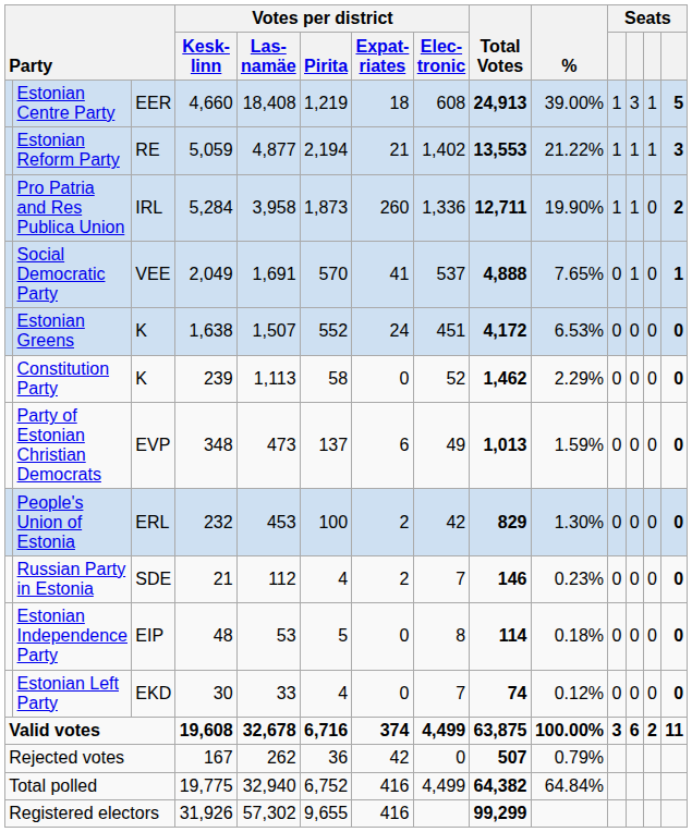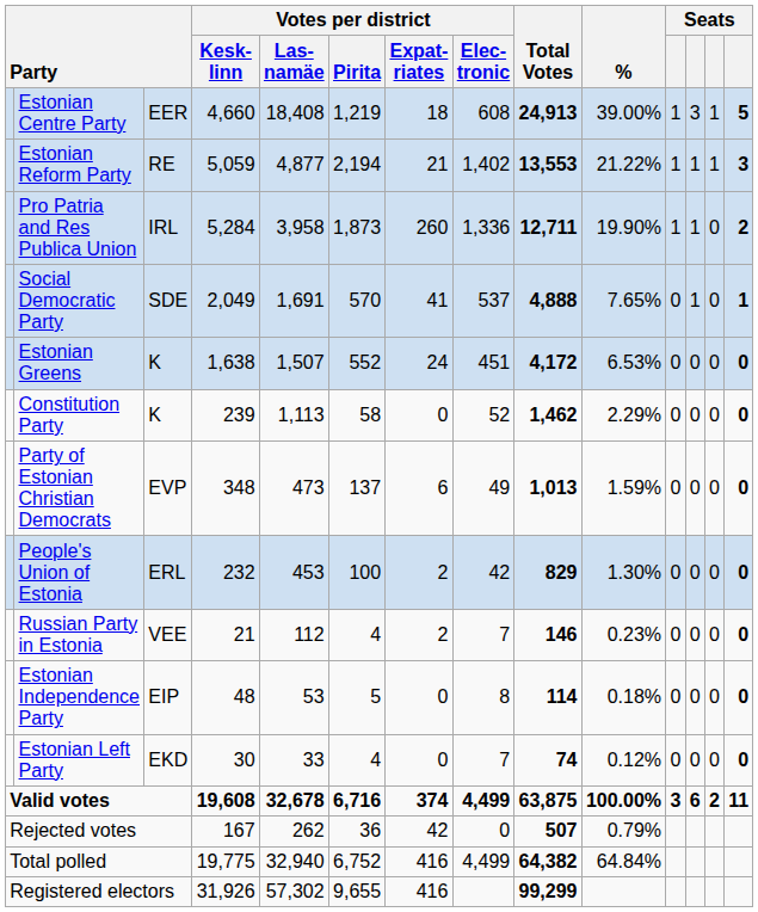 <table class="wikitable" border="1" style="text-align:right;">
 <tr>
 <th style="text-align:left;" valign=bottom rowspan=2 colspan=3>Party</th>
 <th colspan=5>Votes per district</th>
 <th align=center valign=bottom rowspan=2 width="50">Total Votes</th>
 <th align=center valign=bottom rowspan=2 width="50">%</th>
 <th colspan=4>Seats</th>
 </tr>
 <tr>
 <th align=center valign=bottom width="50"><a href='#'>Kesk- linn</a></th>
 <th align=center valign=bottom width="50"><a href='#'>Las- namäe</a></th>
 <th align=center valign=bottom width="50"><a href='#'>Pirita</a></th>
 <th align=center valign=bottom width="50"><a href='#'>Expat- riates</a></th>
 <th align=center valign=bottom width="50"><a href='#'>Elec- tronic</a></th>
 <th align=center valign=bottom width="20"><small></small></th>
 <th align=center valign=bottom width="20"><small></small></th>
 <th align=center valign=bottom width="20"><small></small></th>
 <th align=center valign=bottom width="20"><small></small></th>
 </tr>
 <tr style="background:#CEE0F2;">
 <td style="background:"></td>
 <td align=left><a href='#'>Estonian Centre Party</a></td>
 <td align=left>EER</td>
 <td>4,660</td>
 <td>18,408</td>
 <td>1,219</td>
 <td>18</td>
 <td>608</td>
 <td><strong>24,913</strong></td>
 <td>39.00%</td>
 <td>1</td>
 <td>3</td>
 <td>1</td>
 <td><strong>5</strong></td>
 </tr>
 <tr style="background:#CEE0F2;">
 <td style="background:"></td>
 <td align=left><a href='#'>Estonian Reform Party</a></td>
 <td align=left>RE</td>
 <td>5,059</td>
 <td>4,877</td>
 <td>2,194</td>
 <td>21</td>
 <td>1,402</td>
 <td><strong>13,553</strong></td>
 <td>21.22%</td>
 <td>1</td>
 <td>1</td>
 <td>1</td>
 <td><strong>3</strong></td>
 </tr>
 <tr style="background:#CEE0F2;">
 <td style="background:"></td>
 <td align=left><a href='#'>Pro Patria and Res Publica Union</a></td>
 <td align=left>IRL</td>
 <td>5,284</td>
 <td>3,958</td>
 <td>1,873</td>
 <td>260</td>
 <td>1,336</td>
 <td><strong>12,711</strong></td>
 <td>19.90%</td>
 <td>1</td>
 <td>1</td>
 <td>0</td>
 <td><strong>2</strong></td>
 </tr>
 <tr style="background:#CEE0F2;">
 <td style="background:"></td>
 <td align=left><a href='#'>Social Democratic Party</a></td>
-<td align=left>VEE</td>
+<td align=left>SDE</td>
 <td>2,049</td>
 <td>1,691</td>
 <td>570</td>
 <td>41</td>
 <td>537</td>
 <td><strong>4,888</strong></td>
 <td>7.65%</td>
 <td>0</td>
 <td>1</td>
 <td>0</td>
 <td><strong>1</strong></td>
 </tr>
 <tr style="background:#CEE0F2;">
 <td style="background:"></td>
 <td align=left><a href='#'>Estonian Greens</a></td>
 <td align=left>K</td>
 <td>1,638</td>
 <td>1,507</td>
 <td>552</td>
 <td>24</td>
 <td>451</td>
 <td><strong>4,172</strong></td>
 <td>6.53%</td>
 <td>0</td>
 <td>0</td>
 <td>0</td>
 <td><strong>0</strong></td>
 </tr>
 <tr>
 <td style="background:"></td>
 <td align=left><a href='#'>Constitution Party</a></td>
 <td align=left>K</td>
 <td>239</td>
 <td>1,113</td>
 <td>58</td>
 <td>0</td>
 <td>52</td>
 <td><strong>1,462</strong></td>
 <td>2.29%</td>
 <td>0</td>
 <td>0</td>
 <td>0</td>
 <td><strong>0</strong></td>
 </tr>
 <tr>
 <td style="background:"></td>
 <td align=left><a href='#'>Party of Estonian Christian Democrats</a></td>
 <td align=left>EVP</td>
 <td>348</td>
 <td>473</td>
 <td>137</td>
 <td>6</td>
 <td>49</td>
 <td><strong>1,013</strong></td>
 <td>1.59%</td>
 <td>0</td>
 <td>0</td>
 <td>0</td>
 <td><strong>0</strong></td>
 </tr>
 <tr style="background:#CEE0F2;">
 <td style="background:"></td>
 <td align=left><a href='#'>People's Union of Estonia</a></td>
 <td align=left>ERL</td>
 <td>232</td>
 <td>453</td>
 <td>100</td>
 <td>2</td>
 <td>42</td>
 <td><strong>829</strong></td>
 <td>1.30%</td>
 <td>0</td>
 <td>0</td>
 <td>0</td>
 <td><strong>0</strong></td>
 </tr>
 <tr>
 <td></td>
 <td align=left><a href='#'>Russian Party in Estonia</a></td>
-<td align=left>SDE</td>
+<td align=left>VEE</td>
 <td>21</td>
 <td>112</td>
 <td>4</td>
 <td>2</td>
 <td>7</td>
 <td><strong>146</strong></td>
 <td>0.23%</td>
 <td>0</td>
 <td>0</td>
 <td>0</td>
 <td><strong>0</strong></td>
 </tr>
 <tr>
 <td style="background:"></td>
 <td align=left><a href='#'>Estonian Independence Party</a></td>
 <td align=left>EIP</td>
 <td>48</td>
 <td>53</td>
 <td>5</td>
 <td>0</td>
 <td>8</td>
 <td><strong>114</strong></td>
 <td>0.18%</td>
 <td>0</td>
 <td>0</td>
 <td>0</td>
 <td><strong>0</strong></td>
 </tr>
 <tr>
 <td style="background:"></td>
 <td align=left><a href='#'>Estonian Left Party</a></td>
 <td align=left>EKD</td>
 <td>30</td>
 <td>33</td>
 <td>4</td>
 <td>0</td>
 <td>7</td>
 <td><strong>74</strong></td>
 <td>0.12%</td>
 <td>0</td>
 <td>0</td>
 <td>0</td>
 <td><strong>0</strong></td>
 </tr>
 <tr style="font-weight:bold">
 <td align=left colspan=3>Valid votes</td>
 <td>19,608</td>
 <td>32,678</td>
 <td>6,716</td>
 <td>374</td>
 <td>4,499</td>
 <td>63,875</td>
 <td>100.00%</td>
 <td>3</td>
 <td>6</td>
 <td>2</td>
 <td>11</td>
 </tr>
 <tr>
 <td align=left colspan=3>Rejected votes</td>
 <td>167</td>
 <td>262</td>
 <td>36</td>
 <td>42</td>
 <td>0</td>
 <td><strong>507</strong></td>
 <td>0.79%</td>
 <td></td>
 <td></td>
 <td></td>
 <td></td>
 </tr>
 <tr>
 <td align=left colspan=3>Total polled</td>
 <td>19,775</td>
 <td>32,940</td>
 <td>6,752</td>
 <td>416</td>
 <td>4,499</td>
 <td><strong>64,382</strong></td>
 <td>64.84%</td>
 <td></td>
 <td></td>
 <td></td>
 <td></td>
 </tr>
 <tr>
 <td align=left colspan=3>Registered electors</td>
 <td>31,926</td>
 <td>57,302</td>
 <td>9,655</td>
 <td>416</td>
 <td></td>
 <td><strong>99,299</strong></td>
 <td></td>
 <td></td>
 <td></td>
 <td></td>
 <td></td>
 </tr>
 </table>
